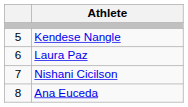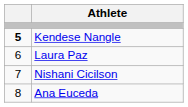 <table class="wikitable">
 <tr>
 <th width="30"></th>
 <th width="200">Athlete</th>
 </tr>
 <tr bgcolor="C0C0C0">
 <td colspan=2></td>
 </tr>
 <tr>
-<td align="center">5</td>
+<td align="center"><strong>5</strong></td>
 <td> <a href='#'>Kendese Nangle</a></td>
 </tr>
 <tr>
 <td align="center">6</td>
 <td> <a href='#'>Laura Paz</a></td>
 </tr>
 <tr>
 <td align="center">7</td>
 <td> <a href='#'>Nishani Cicilson</a></td>
 </tr>
 <tr>
 <td align="center">8</td>
 <td> <a href='#'>Ana Euceda</a></td>
 </tr>
 </table>
